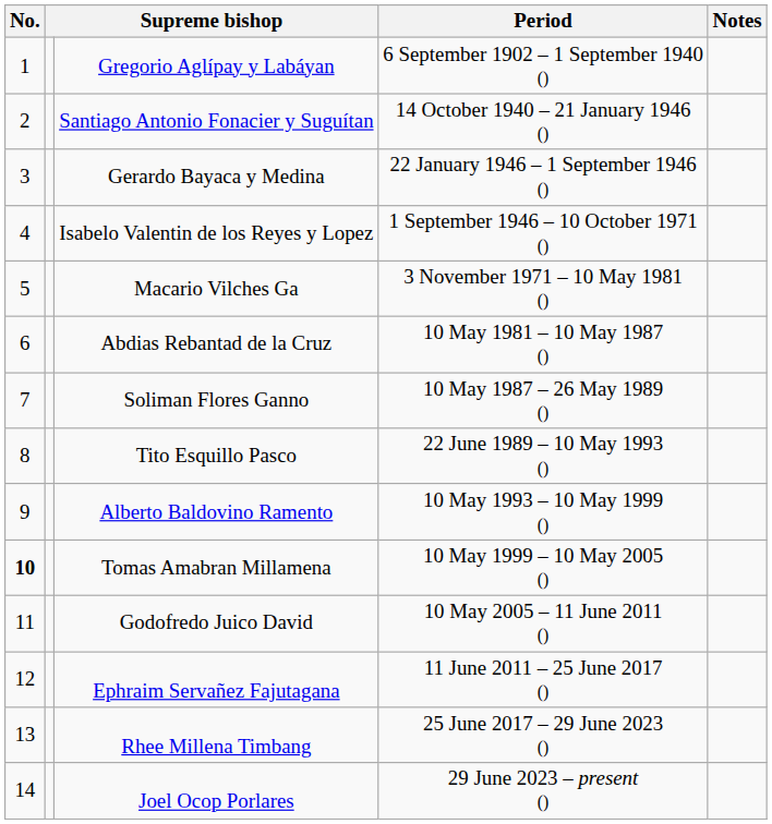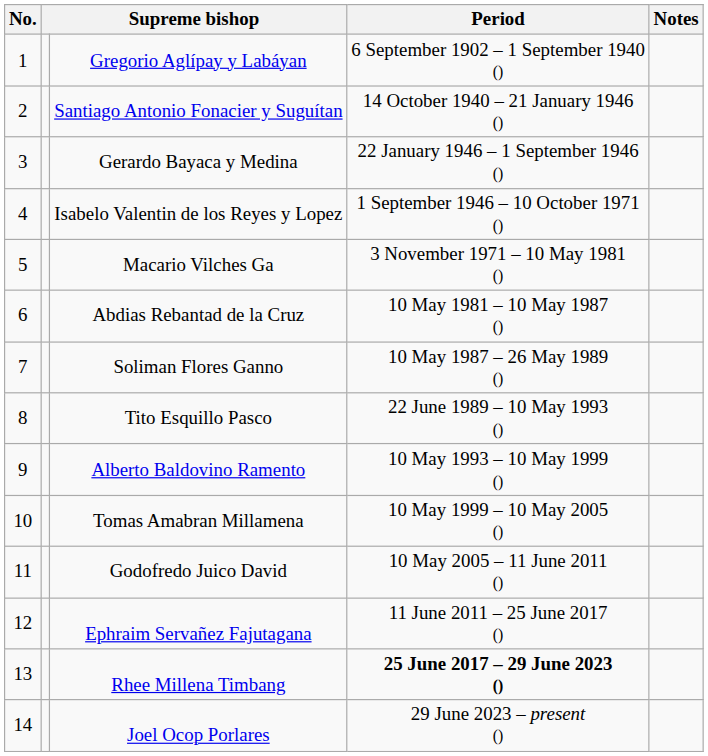 <table class="wikitable" style="text-align:center;">
 <tr>
 <th>No.</th>
 <th colspan=2>Supreme bishop</th>
 <th>Period</th>
 <th>Notes</th>
 </tr>
 <tr>
 <td>1</td>
 <td></td>
 <td><a href='#'>Gregorio Aglípay y Labáyan</a> <br> </td>
 <td>6 September 1902 – 1 September 1940<br><small>()</small></td>
 <td></td>
 </tr>
 <tr>
 <td>2</td>
 <td></td>
 <td><a href='#'>Santiago Antonio Fonacier y Suguítan</a> <br> </td>
 <td>14 October 1940 – 21 January 1946<br><small>()</small></td>
 <td></td>
 </tr>
 <tr>
 <td>3</td>
 <td></td>
 <td>Gerardo Bayaca y Medina <br> </td>
 <td>22 January 1946 – 1 September 1946<br><small>()</small></td>
 <td></td>
 </tr>
 <tr>
 <td>4</td>
 <td></td>
 <td>Isabelo Valentin de los Reyes y Lopez <br> </td>
 <td>1 September 1946 – 10 October 1971<br><small>()</small></td>
 <td></td>
 </tr>
 <tr>
 <td>5</td>
 <td></td>
 <td>Macario Vilches Ga <br> </td>
 <td>3 November 1971 – 10 May 1981<br><small>()</small></td>
 <td></td>
 </tr>
 <tr>
 <td>6</td>
 <td></td>
 <td>Abdias Rebantad de la Cruz <br> </td>
 <td>10 May 1981 – 10 May 1987<br><small>()</small></td>
 <td></td>
 </tr>
 <tr>
 <td>7</td>
 <td></td>
 <td>Soliman Flores Ganno <br> </td>
 <td>10 May 1987 – 26 May 1989<br><small>()</small></td>
 <td></td>
 </tr>
 <tr>
 <td>8</td>
 <td></td>
 <td>Tito Esquillo Pasco <br> </td>
 <td>22 June 1989 – 10 May 1993<br><small>()</small></td>
 <td></td>
 </tr>
 <tr>
 <td>9</td>
 <td></td>
 <td><a href='#'>Alberto Baldovino Ramento</a> <br> </td>
 <td>10 May 1993 – 10 May 1999<br><small>()</small></td>
 <td></td>
 </tr>
 <tr>
-<td><strong>10</strong></td>
+<td>10</td>
 <td></td>
 <td>Tomas Amabran Millamena<br> </td>
 <td>10 May 1999 – 10 May 2005<br><small>()</small></td>
 <td></td>
 </tr>
 <tr>
 <td>11</td>
 <td></td>
 <td>Godofredo Juico David<br> </td>
 <td>10 May 2005 – 11 June 2011<br><small>()</small></td>
 <td></td>
 </tr>
 <tr>
 <td>12</td>
 <td></td>
 <td><br> <a href='#'>Ephraim Servañez Fajutagana</a> <br> </td>
 <td>11 June 2011 – 25 June 2017<br><small>()</small></td>
 <td></td>
 </tr>
 <tr>
 <td>13</td>
 <td></td>
 <td><br> <a href='#'>Rhee Millena Timbang</a> <br> </td>
-<td>25 June 2017 – 29 June 2023<br><small>()</small></td>
+<td><strong>25 June 2017 – 29 June 2023<br><small>()</small></strong></td>
 <td></td>
 </tr>
 <tr>
 <td>14</td>
 <td></td>
 <td><br> <a href='#'>Joel Ocop Porlares</a> <br> </td>
 <td>29 June 2023 – <em>present</em><br><small>()</small></td>
 <td></td>
 </tr>
 </table>
